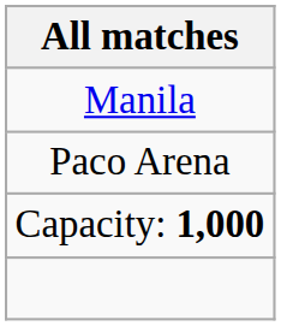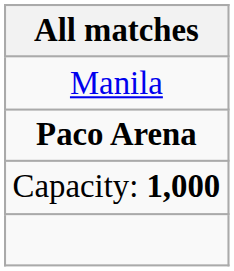 <table class="wikitable" style="text-align:center">
 <tr>
 <th>All matches</th>
 </tr>
 <tr>
 <td><a href='#'>Manila</a></td>
 </tr>
 <tr>
-<td>Paco Arena</td>
+<td><strong>Paco Arena</strong></td>
 </tr>
 <tr>
 <td>Capacity: <strong>1,000</strong></td>
 </tr>
 <tr>
 <td><br></td>
 </tr>
 </table>
